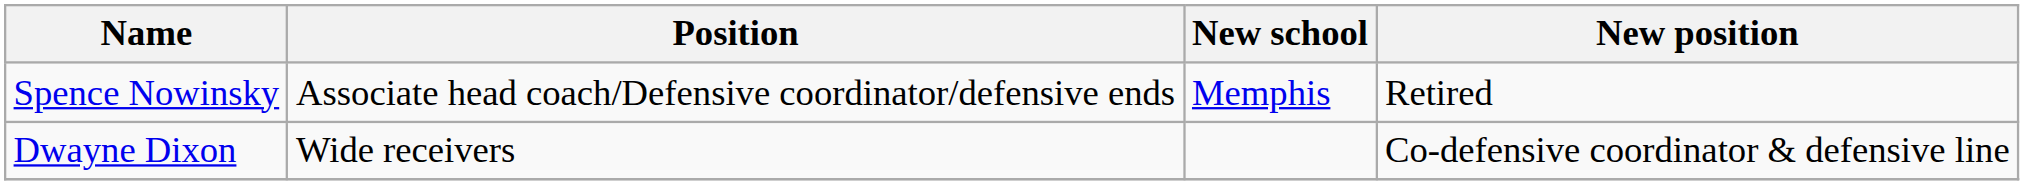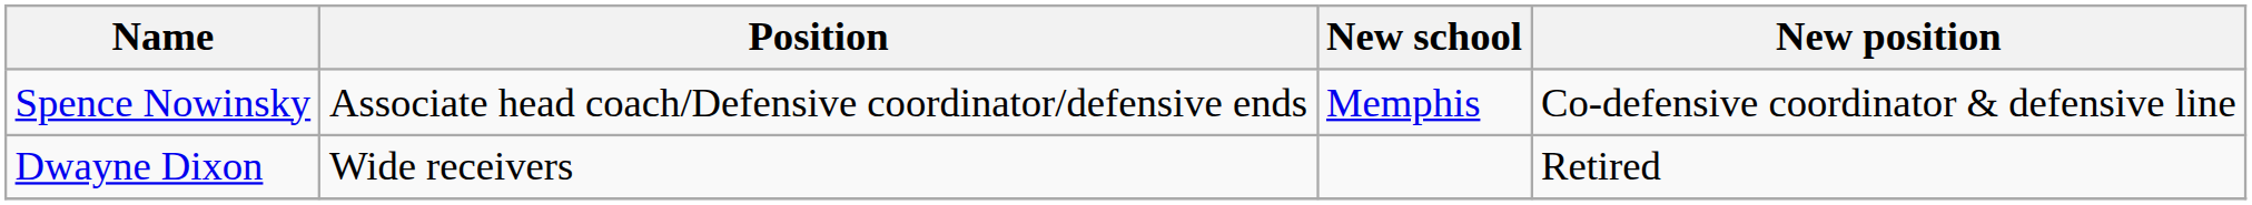 <table class="wikitable">
 <tr>
 <th style="text-align:center;">Name</th>
 <th style="text-align:center;">Position</th>
 <th style="text-align:center;">New school</th>
 <th style="text-align:center;">New position</th>
 </tr>
 <tr>
 <td><a href='#'>Spence Nowinsky</a></td>
 <td>Associate head coach/Defensive coordinator/defensive ends</td>
 <td><a href='#'>Memphis</a></td>
-<td>Retired</td>
+<td>Co-defensive coordinator & defensive line</td>
 </tr>
 <tr>
 <td><a href='#'>Dwayne Dixon</a></td>
 <td>Wide receivers</td>
 <td></td>
-<td>Co-defensive coordinator & defensive line</td>
+<td>Retired</td>
 </tr>
 <tr>
 </tr>
 </table>
